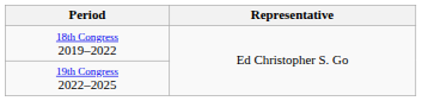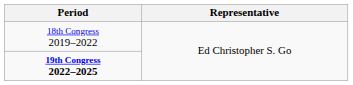 <table class="wikitable" style="text-align:center; width:40%;">
 <tr>
 <th width="40%">Period</th>
 <th>Representative</th>
 </tr>
 <tr>
 <td><small><a href='#'>18th Congress</a></small><br>2019–2022</td>
 <td rowspan="2">Ed Christopher S. Go</td>
 </tr>
 <tr>
-<td><small><a href='#'>19th Congress</a></small><br>2022–2025</td>
+<td><strong><small><a href='#'>19th Congress</a></small><br>2022–2025</strong></td>
 </tr>
 </table>
